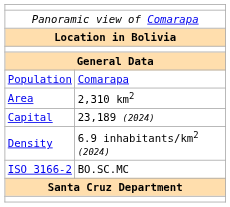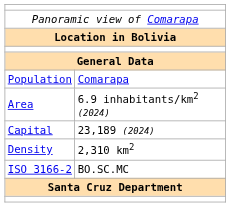 <table border=1 align=right cellpadding=3 cellspacing=0 width=270 style="margin: 0 0 1em 1em; border: 1px #aaa solid; border-collapse: collapse;">
 <tr>
 <td colspan="2" align="center" bgcolor="#ffffff"></td>
 </tr>
 <tr>
 <td colspan="2" align="center" bgcolor="#ffffff"><em>Panoramic view of <a href='#'>Comarapa</a></em></td>
 </tr>
 <tr>
 <th colspan="2" bgcolor="#FFDEAD">Location in Bolivia</th>
 </tr>
 <tr>
 <td colspan="2" align="center" bgcolor="#ffffff"></td>
 </tr>
 <tr>
 <th colspan="2" bgcolor="#FFDEAD">General Data</th>
 </tr>
 <tr>
 <td><a href='#'>Population</a></td>
 <td><a href='#'>Comarapa</a></td>
 </tr>
 <tr>
 <td><a href='#'>Area</a></td>
-<td>2,310 km<sup>2</sup></td>
+<td>6.9 inhabitants/km<sup>2</sup> <em><small>(2024)</small></em></td>
 </tr>
 <tr>
 <td><a href='#'>Capital</a></td>
 <td>23,189 <em><small>(2024)</small></em></td>
 </tr>
 <tr>
 <td><a href='#'>Density</a></td>
-<td>6.9 inhabitants/km<sup>2</sup> <em><small>(2024)</small></em></td>
+<td>2,310 km<sup>2</sup></td>
 </tr>
 <tr>
 <td><a href='#'>ISO 3166-2</a></td>
 <td>BO.SC.MC</td>
 </tr>
 <tr>
 <th colspan="2" bgcolor="#FFDEAD">Santa Cruz Department</th>
 </tr>
 <tr>
 <td colspan="2" align="center" bgcolor="#ffffff"></td>
 </tr>
 </table>
